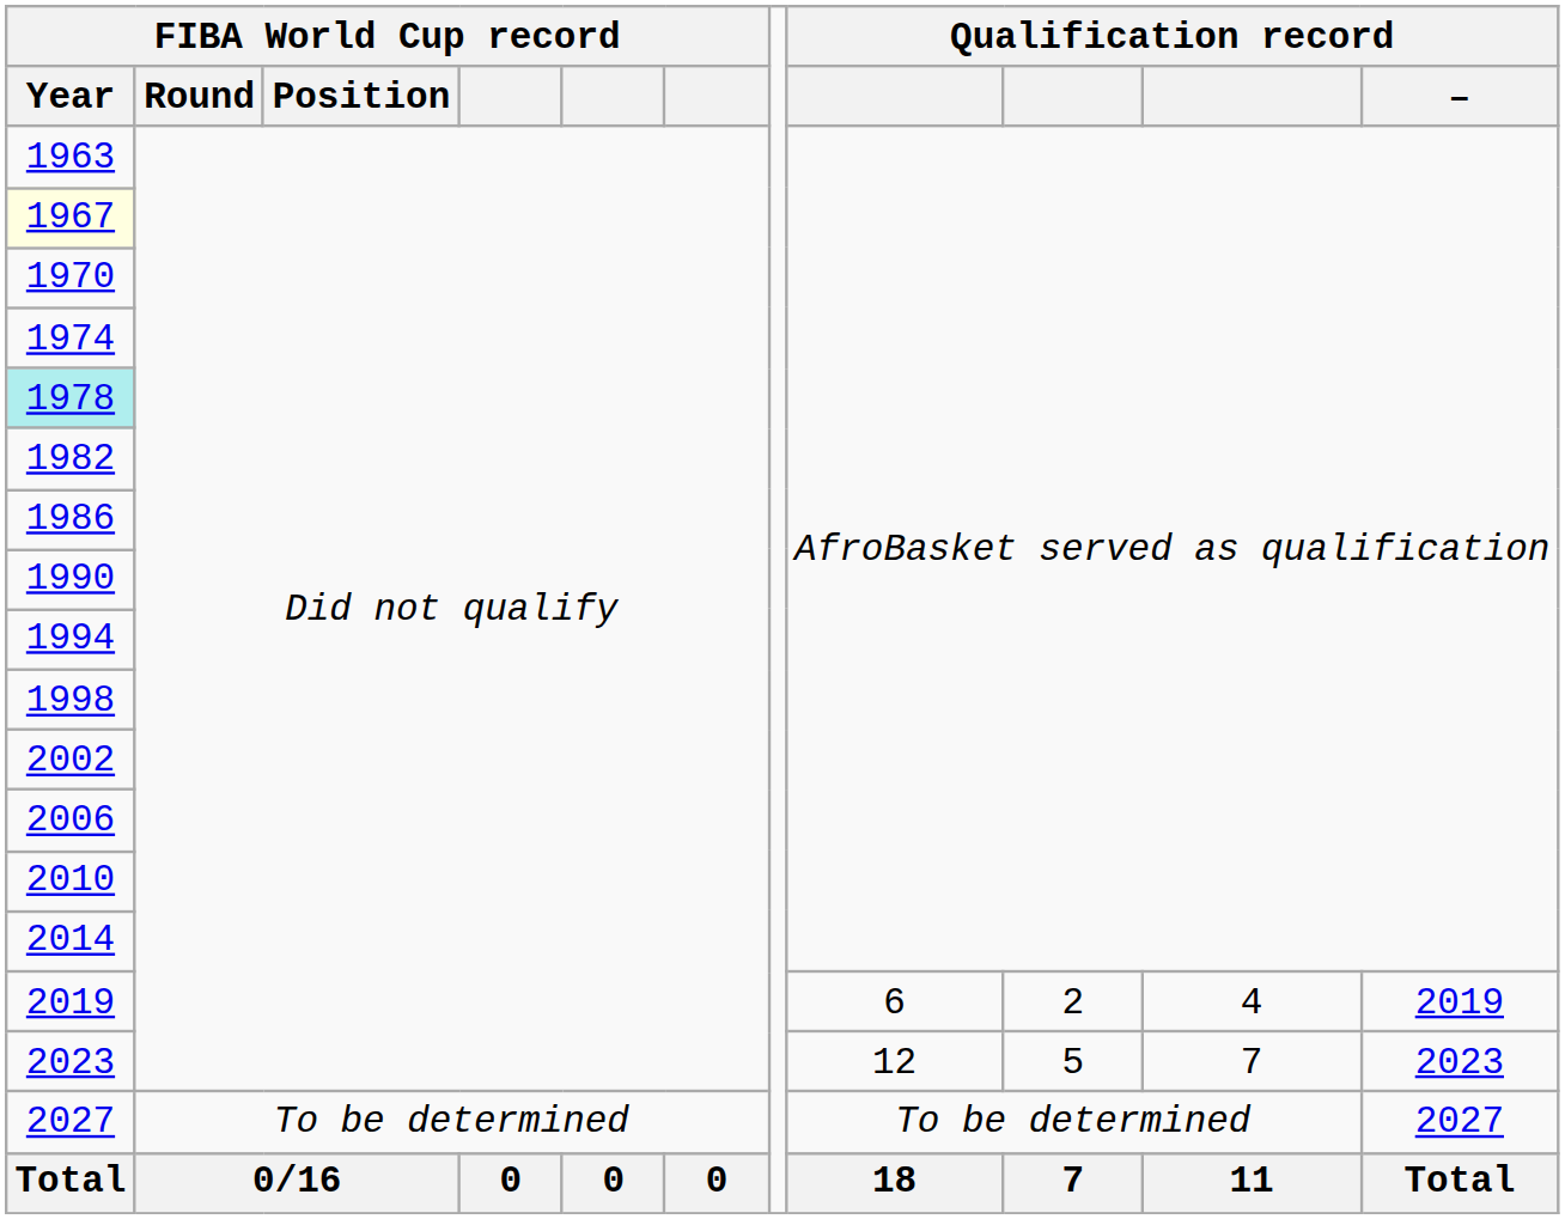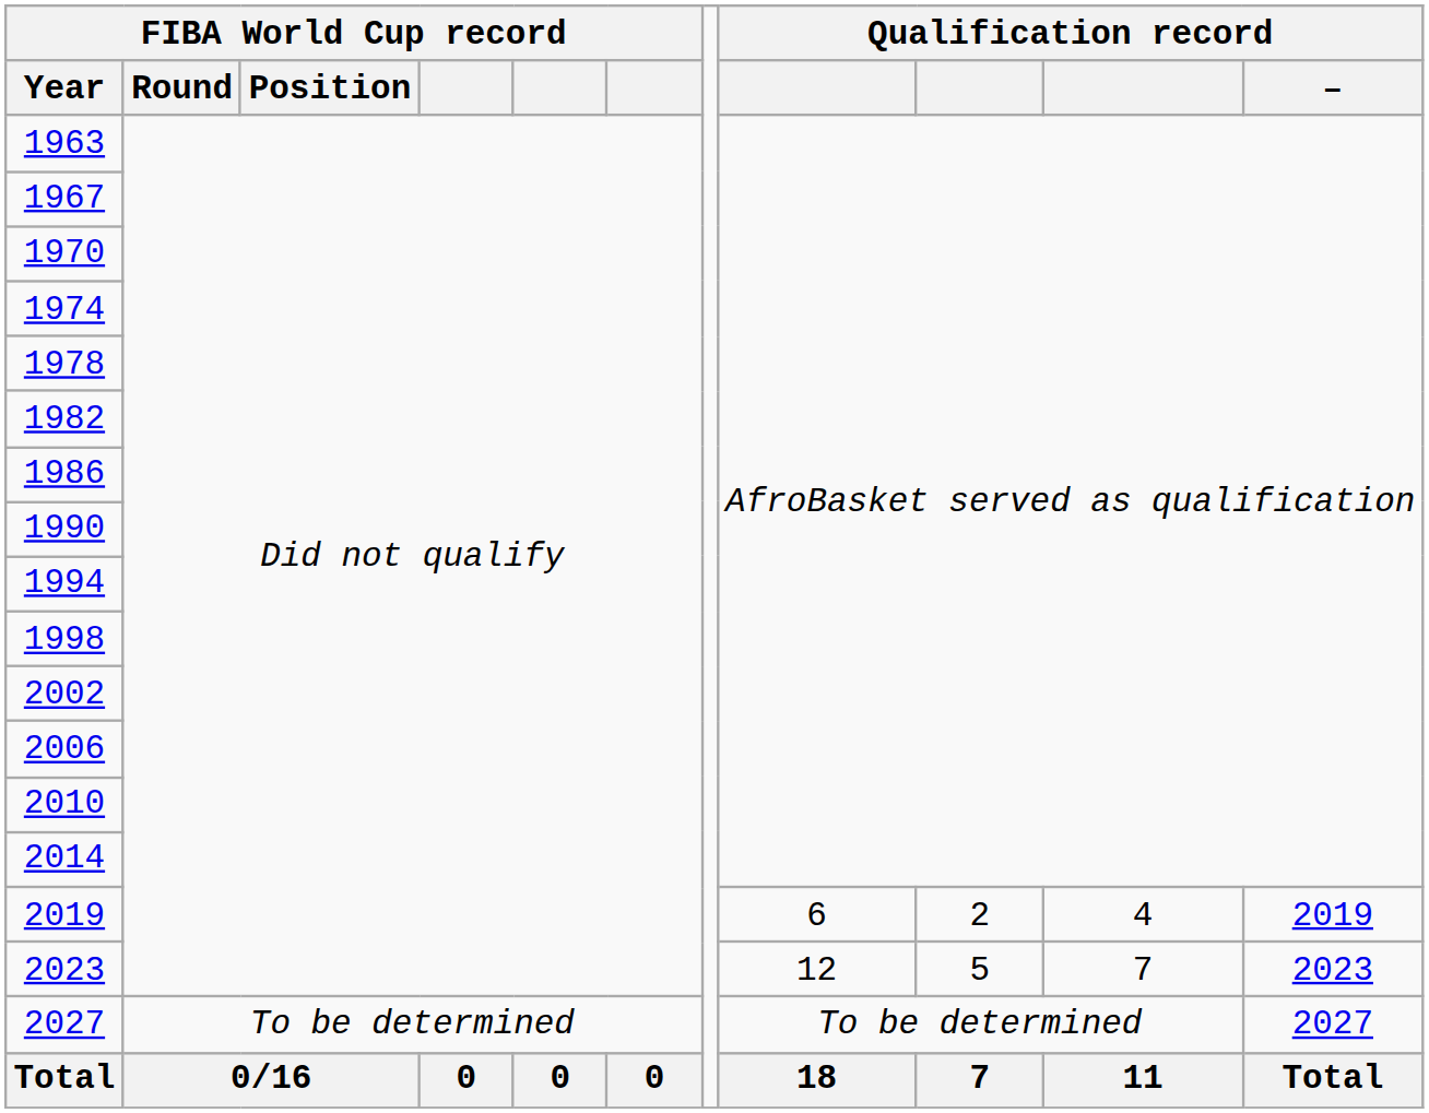 <table class="wikitable" style="text-align:center;">
 <tr>
 <th colspan="6">FIBA World Cup record</th>
 <td rowspan="20"></td>
 <th colspan="4">Qualification record</th>
 </tr>
 <tr>
 <th>Year</th>
 <th>Round</th>
 <th>Position</th>
 <th width="30"></th>
 <th width="30"></th>
 <th width="30"></th>
 <th></th>
 <th></th>
 <th></th>
 <th>–</th>
 </tr>
 <tr>
 <td> <a href='#'>1963</a></td>
 <td colspan="5" rowspan="16"><em>Did not qualify</em></td>
 <td colspan="4" rowspan="14"><em>AfroBasket served as qualification</em></td>
 </tr>
 <tr>
-<td style="background: lightyellow;"> <a href='#'>1967</a></td>
+<td> <a href='#'>1967</a></td>
 </tr>
 <tr>
 <td> <a href='#'>1970</a></td>
 </tr>
 <tr>
 <td> <a href='#'>1974</a></td>
 </tr>
 <tr>
-<td style="background: paleturquoise;"> <a href='#'>1978</a></td>
+<td> <a href='#'>1978</a></td>
 </tr>
 <tr>
 <td> <a href='#'>1982</a></td>
 </tr>
 <tr>
 <td> <a href='#'>1986</a></td>
 </tr>
 <tr>
 <td> <a href='#'>1990</a></td>
 </tr>
 <tr>
 <td> <a href='#'>1994</a></td>
 </tr>
 <tr>
 <td> <a href='#'>1998</a></td>
 </tr>
 <tr>
 <td> <a href='#'>2002</a></td>
 </tr>
 <tr>
 <td> <a href='#'>2006</a></td>
 </tr>
 <tr>
 <td> <a href='#'>2010</a></td>
 </tr>
 <tr>
 <td> <a href='#'>2014</a></td>
 </tr>
 <tr>
 <td> <a href='#'>2019</a></td>
 <td>6</td>
 <td>2</td>
 <td>4</td>
 <td><a href='#'>2019</a></td>
 </tr>
 <tr>
 <td> <a href='#'>2023</a></td>
 <td>12</td>
 <td>5</td>
 <td>7</td>
 <td><a href='#'>2023</a></td>
 </tr>
 <tr>
 <td> <a href='#'>2027</a></td>
 <td colspan="5"><em>To be determined</em></td>
 <td colspan="3"><em>To be determined</em></td>
 <td><a href='#'>2027</a></td>
 </tr>
 <tr>
 <th>Total</th>
 <th colspan="2">0/16</th>
 <th>0</th>
 <th>0</th>
 <th>0</th>
 <th>18</th>
 <th>7</th>
 <th>11</th>
 <th>Total</th>
 </tr>
 </table>
